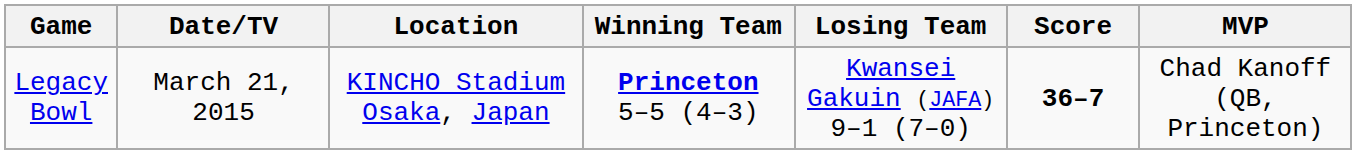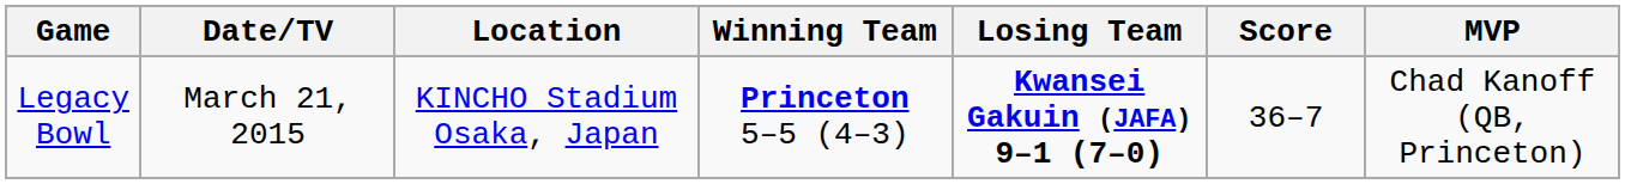 <table class="wikitable" style="text-align:center;">
 <tr>
 <th style="width:50px">Game</th>
 <th style="width:100px">Date/TV</th>
 <th style="width:120px">Location</th>
 <th style="width:100px">Winning Team</th>
 <th style="width:100px">Losing Team</th>
 <th style="width:60px;">Score</th>
 <th style="width:100px">MVP</th>
 </tr>
 <tr>
 <td><a href='#'>Legacy Bowl</a></td>
 <td>March 21, 2015</td>
 <td><a href='#'>KINCHO Stadium</a><br><a href='#'>Osaka</a>, <a href='#'>Japan</a></td>
 <td><strong><a href='#'>Princeton</a></strong><br>5–5 (4–3)</td>
-<td><a href='#'>Kwansei Gakuin</a> <small>(<a href='#'>JAFA</a>)</small><br>9–1 (7–0)</td>
-<td><strong>36–7</strong></td>
+<td><strong><a href='#'>Kwansei Gakuin</a> <small>(<a href='#'>JAFA</a>)</small><br>9–1 (7–0)</strong></td>
+<td>36–7</td>
 <td>Chad Kanoff<br>(QB, Princeton)</td>
 </tr>
 <tr>
 </tr>
 </table>
